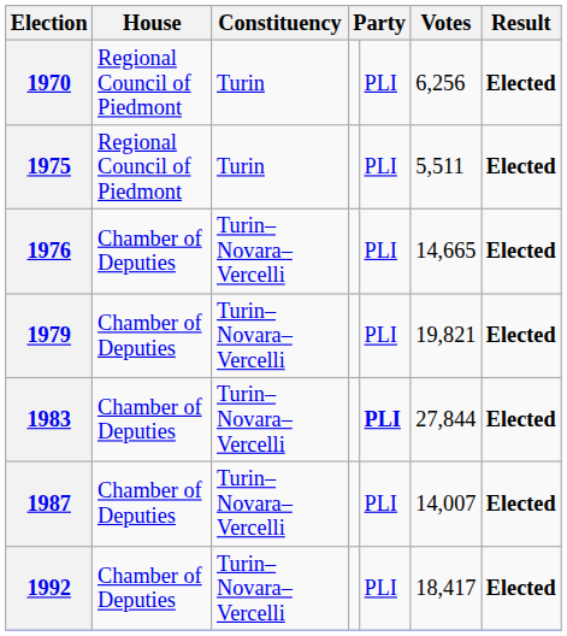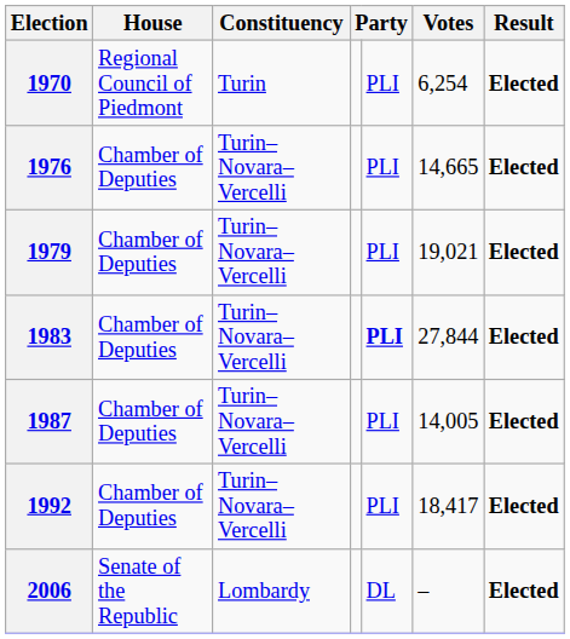 <table class=wikitable style="width:65%; border:1px #AAAAFF solid">
 <tr>
 <th width=12%>Election</th>
 <th width=25%>House</th>
 <th width=25%>Constituency</th>
 <th width=5% colspan="2">Party</th>
 <th width=12%>Votes</th>
 <th width=12%>Result</th>
 </tr>
 <tr>
 <th><a href='#'>1970</a></th>
 <td><a href='#'>Regional Council of Piedmont</a></td>
 <td><a href='#'>Turin</a></td>
 <td></td>
 <td><a href='#'>PLI</a></td>
-<td>6,256</td>
-<td> <strong>Elected</strong></td>
-</tr>
-<tr>
-<th><a href='#'>1975</a></th>
-<td><a href='#'>Regional Council of Piedmont</a></td>
-<td><a href='#'>Turin</a></td>
-<td></td>
-<td><a href='#'>PLI</a></td>
-<td>5,511</td>
+<td>6,254</td>
 <td> <strong>Elected</strong></td>
 </tr>
 <tr>
 <th><a href='#'>1976</a></th>
 <td><a href='#'>Chamber of Deputies</a></td>
 <td><a href='#'>Turin–Novara–Vercelli</a></td>
 <td></td>
 <td><a href='#'>PLI</a></td>
 <td>14,665</td>
 <td> <strong>Elected</strong></td>
 </tr>
 <tr>
 <th><a href='#'>1979</a></th>
 <td><a href='#'>Chamber of Deputies</a></td>
 <td><a href='#'>Turin–Novara–Vercelli</a></td>
 <td></td>
 <td><a href='#'>PLI</a></td>
-<td>19,821</td>
+<td>19,021</td>
 <td> <strong>Elected</strong></td>
 </tr>
 <tr>
 <th><a href='#'>1983</a></th>
 <td><a href='#'>Chamber of Deputies</a></td>
 <td><a href='#'>Turin–Novara–Vercelli</a></td>
 <td></td>
 <td><strong><a href='#'>PLI</a></strong></td>
 <td>27,844</td>
 <td> <strong>Elected</strong></td>
 </tr>
 <tr>
 <th><a href='#'>1987</a></th>
 <td><a href='#'>Chamber of Deputies</a></td>
 <td><a href='#'>Turin–Novara–Vercelli</a></td>
 <td></td>
 <td><a href='#'>PLI</a></td>
-<td>14,007</td>
+<td>14,005</td>
 <td> <strong>Elected</strong></td>
 </tr>
 <tr>
 <th><a href='#'>1992</a></th>
 <td><a href='#'>Chamber of Deputies</a></td>
 <td><a href='#'>Turin–Novara–Vercelli</a></td>
 <td></td>
 <td><a href='#'>PLI</a></td>
 <td>18,417</td>
 <td> <strong>Elected</strong></td>
 </tr>
 <tr>
+<th><a href='#'>2006</a></th>
+<td><a href='#'>Senate of the Republic</a></td>
+<td><a href='#'>Lombardy</a></td>
+<td></td>
+<td><a href='#'>DL</a></td>
+<td>–</td>
+<td> <strong>Elected</strong></td>
+</tr>
+<tr>
 </tr>
 </table>
